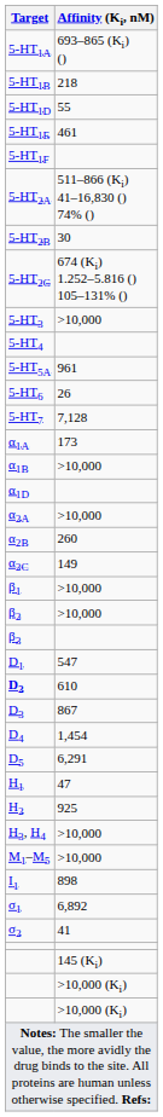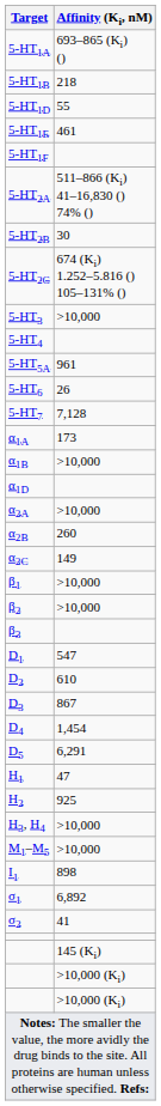 <table class="wikitable floatleft" style="font-size:small;">
 <tr>
 <th><a href='#'>Target</a></th>
 <th><a href='#'>Affinity</a> (K<sub>i</sub>, nM)</th>
 </tr>
 <tr>
 <td><a href='#'>5-HT<sub>1A</sub></a></td>
 <td>693–865 (K<sub>i</sub>)<br> ()</td>
 </tr>
 <tr>
 <td><a href='#'>5-HT<sub>1B</sub></a></td>
 <td>218</td>
 </tr>
 <tr>
 <td><a href='#'>5-HT<sub>1D</sub></a></td>
 <td>55</td>
 </tr>
 <tr>
 <td><a href='#'>5-HT<sub>1E</sub></a></td>
 <td>461</td>
 </tr>
 <tr>
 <td><a href='#'>5-HT<sub>1F</sub></a></td>
 <td></td>
 </tr>
 <tr>
 <td><a href='#'>5-HT<sub>2A</sub></a></td>
 <td>511–866 (K<sub>i</sub>)<br>41–16,830 ()<br>74% ()</td>
 </tr>
 <tr>
 <td><a href='#'>5-HT<sub>2B</sub></a></td>
 <td>30</td>
 </tr>
 <tr>
 <td><a href='#'>5-HT<sub>2C</sub></a></td>
 <td>674 (K<sub>i</sub>)<br>1.252–5.816 ()<br>105–131% ()</td>
 </tr>
 <tr>
 <td><a href='#'>5-HT<sub>3</sub></a></td>
 <td>>10,000</td>
 </tr>
 <tr>
 <td><a href='#'>5-HT<sub>4</sub></a></td>
 <td></td>
 </tr>
 <tr>
 <td><a href='#'>5-HT<sub>5A</sub></a></td>
 <td>961</td>
 </tr>
 <tr>
 <td><a href='#'>5-HT<sub>6</sub></a></td>
 <td>26</td>
 </tr>
 <tr>
 <td><a href='#'>5-HT<sub>7</sub></a></td>
 <td>7,128</td>
 </tr>
 <tr>
 <td><a href='#'>α<sub>1A</sub></a></td>
 <td>173</td>
 </tr>
 <tr>
 <td><a href='#'>α<sub>1B</sub></a></td>
 <td>>10,000</td>
 </tr>
 <tr>
 <td><a href='#'>α<sub>1D</sub></a></td>
 <td></td>
 </tr>
 <tr>
 <td><a href='#'>α<sub>2A</sub></a></td>
 <td>>10,000</td>
 </tr>
 <tr>
 <td><a href='#'>α<sub>2B</sub></a></td>
 <td>260</td>
 </tr>
 <tr>
 <td><a href='#'>α<sub>2C</sub></a></td>
 <td>149</td>
 </tr>
 <tr>
 <td><a href='#'>β<sub>1</sub></a></td>
 <td>>10,000</td>
 </tr>
 <tr>
 <td><a href='#'>β<sub>2</sub></a></td>
 <td>>10,000</td>
 </tr>
 <tr>
 <td><a href='#'>β<sub>3</sub></a></td>
 <td></td>
 </tr>
 <tr>
 <td><a href='#'>D<sub>1</sub></a></td>
 <td>547</td>
 </tr>
 <tr>
-<td><strong><a href='#'>D<sub>2</sub></a></strong></td>
+<td><a href='#'>D<sub>2</sub></a></td>
 <td>610</td>
 </tr>
 <tr>
 <td><a href='#'>D<sub>3</sub></a></td>
 <td>867</td>
 </tr>
 <tr>
 <td><a href='#'>D<sub>4</sub></a></td>
 <td>1,454</td>
 </tr>
 <tr>
 <td><a href='#'>D<sub>5</sub></a></td>
 <td>6,291</td>
 </tr>
 <tr>
 <td><a href='#'>H<sub>1</sub></a></td>
 <td>47</td>
 </tr>
 <tr>
 <td><a href='#'>H<sub>2</sub></a></td>
 <td>925</td>
 </tr>
 <tr>
 <td><a href='#'>H<sub>3</sub></a>, <a href='#'>H<sub>4</sub></a></td>
 <td>>10,000</td>
 </tr>
 <tr>
 <td><a href='#'>M<sub>1</sub></a>–<a href='#'>M<sub>5</sub></a></td>
 <td>>10,000</td>
 </tr>
 <tr>
 <td><a href='#'>I<sub>1</sub></a></td>
 <td>898</td>
 </tr>
 <tr>
 <td><a href='#'>σ<sub>1</sub></a></td>
 <td>6,892</td>
 </tr>
 <tr>
 <td><a href='#'>σ<sub>2</sub></a></td>
 <td>41</td>
 </tr>
 <tr>
 <td></td>
 <td></td>
 </tr>
 <tr>
 <td></td>
 <td>145 (K<sub>i</sub>)</td>
 </tr>
 <tr>
 <td></td>
 <td>>10,000 (K<sub>i</sub>)</td>
 </tr>
 <tr>
 <td></td>
 <td>>10,000 (K<sub>i</sub>)</td>
 </tr>
 <tr class="sortbottom">
 <td colspan="2" style="width: 1px; background-color:#eaecf0; text-align: center;"><strong>Notes:</strong> The smaller the value, the more avidly the drug binds to the site. All proteins are human unless otherwise specified. <strong>Refs:</strong> </td>
 </tr>
 </table>
